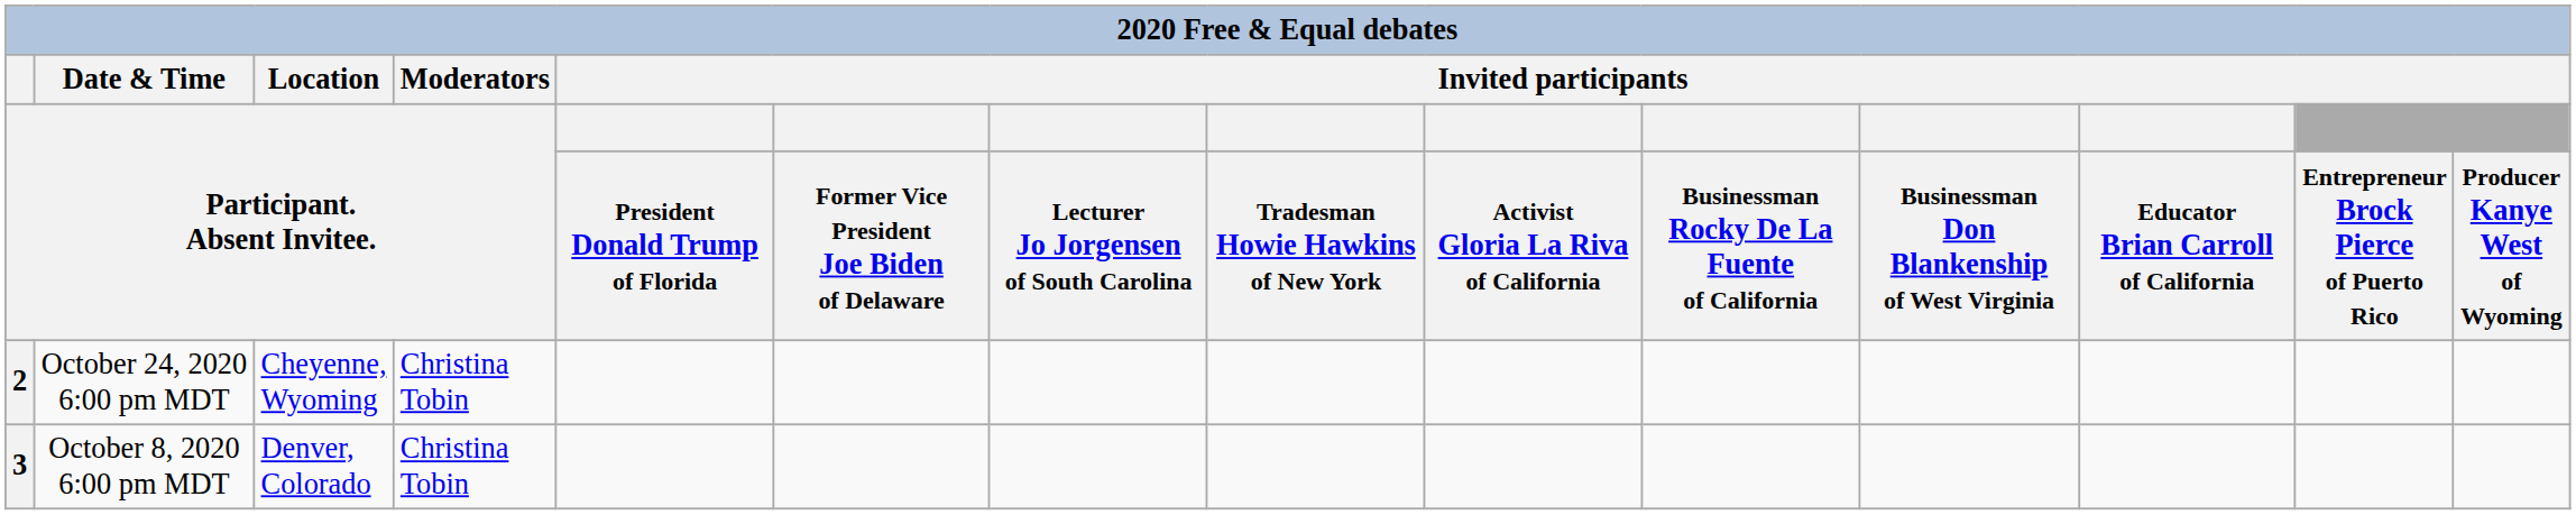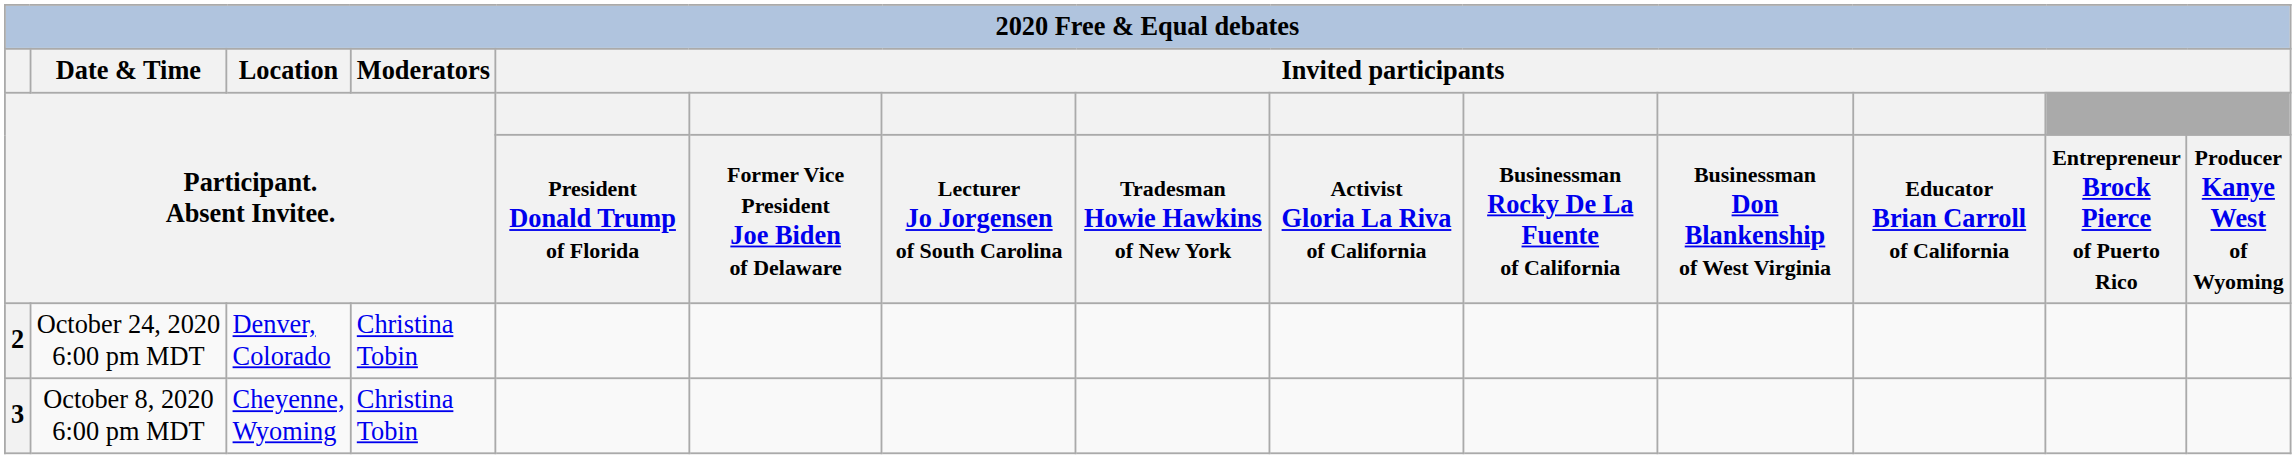 <table class="wikitable" style="font-size:90%">
 <tr>
 <th style="background:#B0C4DE" colspan="14">2020 Free & Equal debates</th>
 </tr>
 <tr>
 <th></th>
 <th>Date & Time</th>
 <th>Location</th>
 <th>Moderators</th>
 <th scope="col" colspan="10">Invited participants</th>
 </tr>
 <tr>
 <th colspan="4" rowspan="2"> Participant.<br> Absent Invitee.</th>
 <th scope="col" style="width:7em; background:"><a href='#'></a></th>
 <th scope="col" style="width:7em; background:"><a href='#'></a></th>
 <th scope="col" style="width:7em; background:"><a href='#'></a></th>
 <th scope="col" style="width:7em; background:"><a href='#'></a><br><a href='#'></a></th>
 <th scope="col" style="width:7em; background:"><a href='#'></a></th>
 <th scope="col" style="width:7em; background:"><a href='#'></a><br><a href='#'></a></th>
 <th scope="col" style="width:7em; background:"><a href='#'></a></th>
 <th scope="col" style="width:7em; background:"><a href='#'></a></th>
 <th colspan="2" scope="col" style="width:14em; background:#AAAAAA;"><em><a href='#'></a></em></th>
 </tr>
 <tr>
 <th><small>President</small><br><a href='#'>Donald Trump</a><br><small>of Florida</small></th>
 <th><small>Former Vice President</small><br><a href='#'>Joe Biden</a><br><small>of Delaware</small></th>
 <th><small>Lecturer</small><br><a href='#'>Jo Jorgensen</a><br><small>of South Carolina</small></th>
 <th><small>Tradesman</small><br><a href='#'>Howie Hawkins</a><br><small>of New York</small></th>
 <th><small>Activist</small><br><a href='#'>Gloria La Riva</a><br><small>of California</small></th>
 <th><small>Businessman</small><br><a href='#'>Rocky De La Fuente</a><br><small>of California</small></th>
 <th><small>Businessman</small><br><a href='#'>Don Blankenship</a><br><small>of West Virginia</small></th>
 <th><small>Educator</small><br><a href='#'>Brian Carroll</a><br><small>of California</small></th>
 <th><small>Entrepreneur</small><br><a href='#'>Brock Pierce</a><br><small>of Puerto Rico</small></th>
 <th><small>Producer</small><br><a href='#'>Kanye West</a><br><small>of Wyoming</small></th>
 </tr>
 <tr>
 <th>2</th>
 <td style="white-space:nowrap; text-align:center;">October 24, 2020<br>6:00 pm MDT</td>
-<td><a href='#'>Cheyenne, Wyoming</a></td>
+<td><a href='#'>Denver, Colorado</a></td>
 <td><a href='#'>Christina Tobin</a></td>
 <td></td>
 <td></td>
 <td></td>
 <td></td>
 <td></td>
 <td></td>
 <td></td>
 <td></td>
 <td></td>
 <td></td>
 </tr>
 <tr>
 <th>3</th>
 <td style="white-space:nowrap; text-align:center;">October 8, 2020<br>6:00 pm MDT</td>
-<td><a href='#'>Denver, Colorado</a></td>
+<td><a href='#'>Cheyenne, Wyoming</a></td>
 <td><a href='#'>Christina Tobin</a></td>
 <td></td>
 <td></td>
 <td></td>
 <td></td>
 <td></td>
 <td></td>
 <td></td>
 <td></td>
 <td></td>
 <td></td>
 </tr>
 </table>
